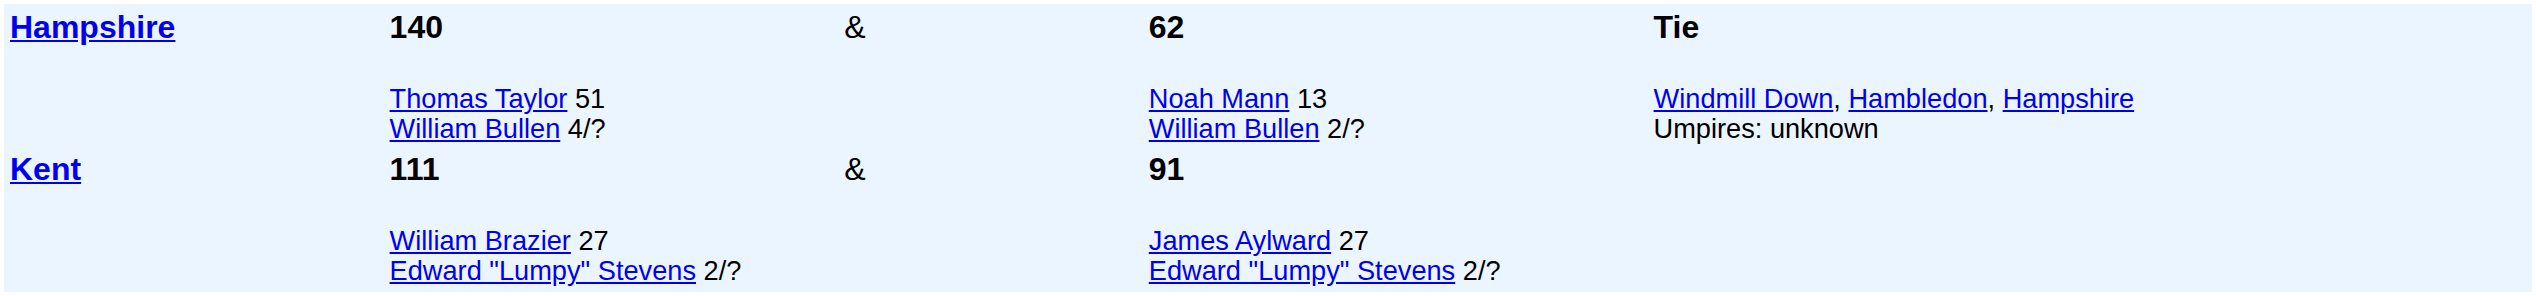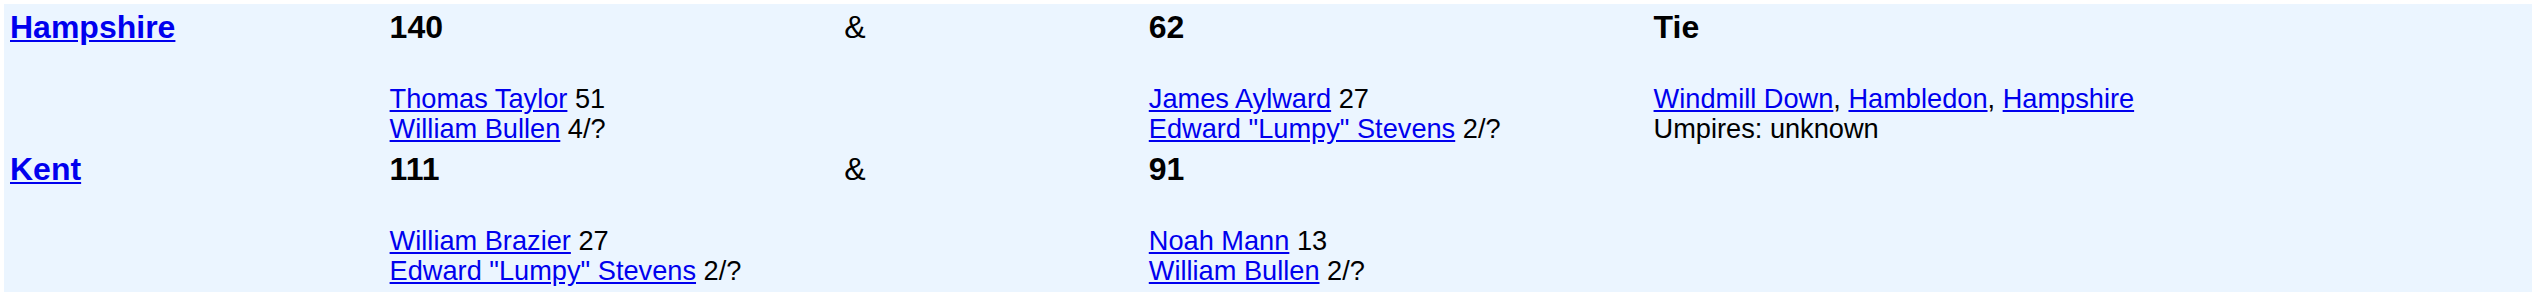 <table width="100%" style="background: #EBF5FF">
 <tr>
 <td width="15%" valign="top" rowspan="2"><strong><a href='#'>Hampshire</a></strong></td>
 <td width="18%"><strong>140</strong></td>
 <td width="12%">&</td>
 <td width="20%"><strong>62</strong></td>
 <td width="35%"><strong>Tie</strong></td>
 </tr>
 <tr>
 <td style="font-size: 85%;" valign="top"><br><a href='#'>Thomas Taylor</a> 51<br> <a href='#'>William Bullen</a> 4/?</td>
 <td></td>
-<td style="font-size: 85%;"><br><a href='#'>Noah Mann</a> 13<br> <a href='#'>William Bullen</a> 2/?</td>
+<td valign="top" style="font-size: 85%;"><br><a href='#'>James Aylward</a> 27<br> <a href='#'>Edward "Lumpy" Stevens</a> 2/?</td>
 <td valign="top" style="font-size: 85%;" rowspan="3"><br><a href='#'>Windmill Down</a>, <a href='#'>Hambledon</a>, <a href='#'>Hampshire</a><br> Umpires: unknown</td>
 </tr>
 <tr>
 <td valign="top" rowspan="2"><strong><a href='#'>Kent</a></strong></td>
 <td><strong>111</strong></td>
 <td>&</td>
 <td><strong>91</strong></td>
 </tr>
 <tr>
 <td style="font-size: 85%;"><br><a href='#'>William Brazier</a> 27<br> <a href='#'>Edward "Lumpy" Stevens</a> 2/?</td>
 <td></td>
-<td valign="top" style="font-size: 85%;"><br><a href='#'>James Aylward</a> 27<br> <a href='#'>Edward "Lumpy" Stevens</a> 2/?</td>
+<td style="font-size: 85%;"><br><a href='#'>Noah Mann</a> 13<br> <a href='#'>William Bullen</a> 2/?</td>
 </tr>
 </table>
